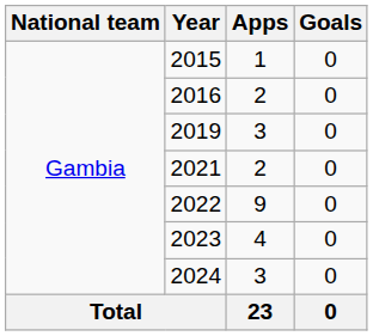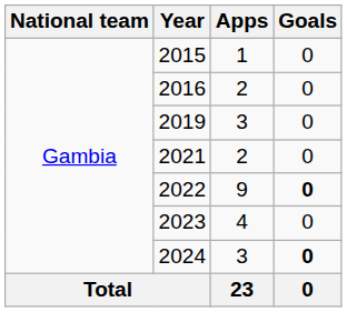 <table class=wikitable style="text-align: center;">
 <tr>
 <th>National team</th>
 <th>Year</th>
 <th>Apps</th>
 <th>Goals</th>
 </tr>
 <tr>
 <td rowspan=7><a href='#'>Gambia</a></td>
 <td>2015</td>
 <td>1</td>
 <td>0</td>
 </tr>
 <tr>
 <td>2016</td>
 <td>2</td>
 <td>0</td>
 </tr>
 <tr>
 <td>2019</td>
 <td>3</td>
 <td>0</td>
 </tr>
 <tr>
 <td>2021</td>
 <td>2</td>
 <td>0</td>
 </tr>
 <tr>
 <td>2022</td>
 <td>9</td>
-<td>0</td>
+<td><strong>0</strong></td>
 </tr>
 <tr>
 <td>2023</td>
 <td>4</td>
 <td>0</td>
 </tr>
 <tr>
 <td>2024</td>
 <td>3</td>
-<td>0</td>
+<td><strong>0</strong></td>
 </tr>
 <tr>
 <th colspan=2>Total</th>
 <th>23</th>
 <th>0</th>
 </tr>
 </table>
